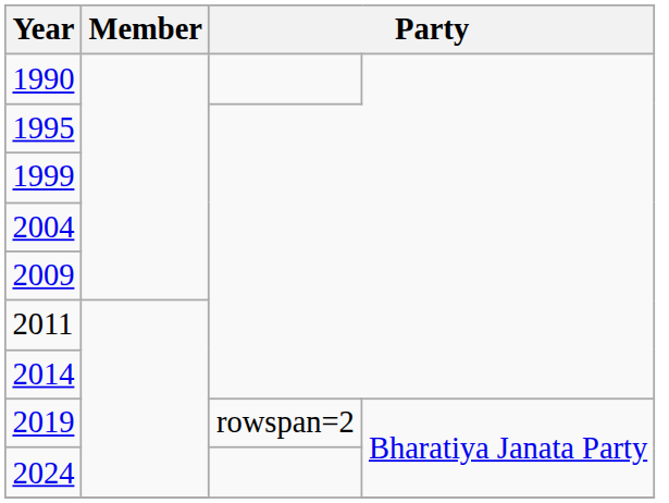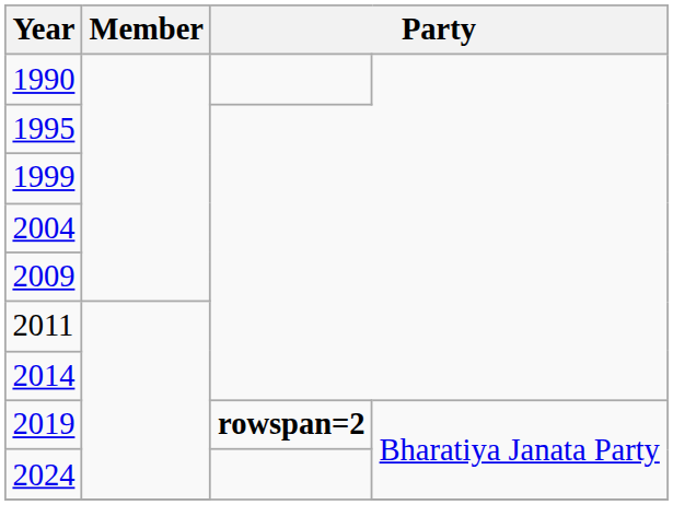 <table class="wikitable sortable">
 <tr>
 <th>Year</th>
 <th>Member</th>
 <th colspan="2">Party</th>
 </tr>
 <tr>
 <td><a href='#'>1990</a></td>
 <td rowspan=5></td>
 <td></td>
 </tr>
 <tr>
 <td><a href='#'>1995</a></td>
 </tr>
 <tr>
 <td><a href='#'>1999</a></td>
 </tr>
 <tr>
 <td><a href='#'>2004</a></td>
 </tr>
 <tr>
 <td><a href='#'>2009</a></td>
 </tr>
 <tr>
 <td>2011</td>
 <td rowspan="4"></td>
 </tr>
 <tr>
 <td><a href='#'>2014</a></td>
 </tr>
 <tr>
 <td><a href='#'>2019</a></td>
-<td>rowspan=2 </td>
+<td><strong>rowspan=2 </strong></td>
 <td rowspan=2><a href='#'>Bharatiya Janata Party</a></td>
 </tr>
 <tr>
 <td><a href='#'>2024</a></td>
 </tr>
 <tr>
 </tr>
 </table>
